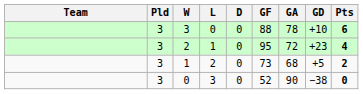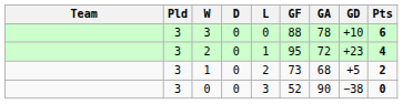 <table class="wikitable" style="text-align: center; font-size:90% ">
 <tr>
 <th width=160>Team</th>
 <th width=25>Pld</th>
 <th width=25>W</th>
+<th width=25>D</th>
 <th width=25>L</th>
-<th width=25>D</th>
 <th width=25>GF</th>
 <th width=25>GA</th>
 <th width=25>GD</th>
 <th width=25>Pts</th>
 </tr>
 <tr bgcolor=ccffcc>
 <td align=left></td>
 <td>3</td>
 <td>3</td>
 <td>0</td>
 <td>0</td>
 <td>88</td>
 <td>78</td>
 <td>+10</td>
 <td><strong>6</strong></td>
 </tr>
 <tr bgcolor=ccffcc>
 <td align=left></td>
 <td>3</td>
 <td>2</td>
+<td>0</td>
 <td>1</td>
-<td>0</td>
 <td>95</td>
 <td>72</td>
 <td>+23</td>
 <td><strong>4</strong></td>
 </tr>
 <tr>
 <td align=left></td>
 <td>3</td>
 <td>1</td>
+<td>0</td>
 <td>2</td>
-<td>0</td>
 <td>73</td>
 <td>68</td>
 <td>+5</td>
 <td><strong>2</strong></td>
 </tr>
 <tr>
 <td align=left></td>
 <td>3</td>
 <td>0</td>
+<td>0</td>
 <td>3</td>
-<td>0</td>
 <td>52</td>
 <td>90</td>
 <td>−38</td>
 <td><strong>0</strong></td>
 </tr>
 </table>
